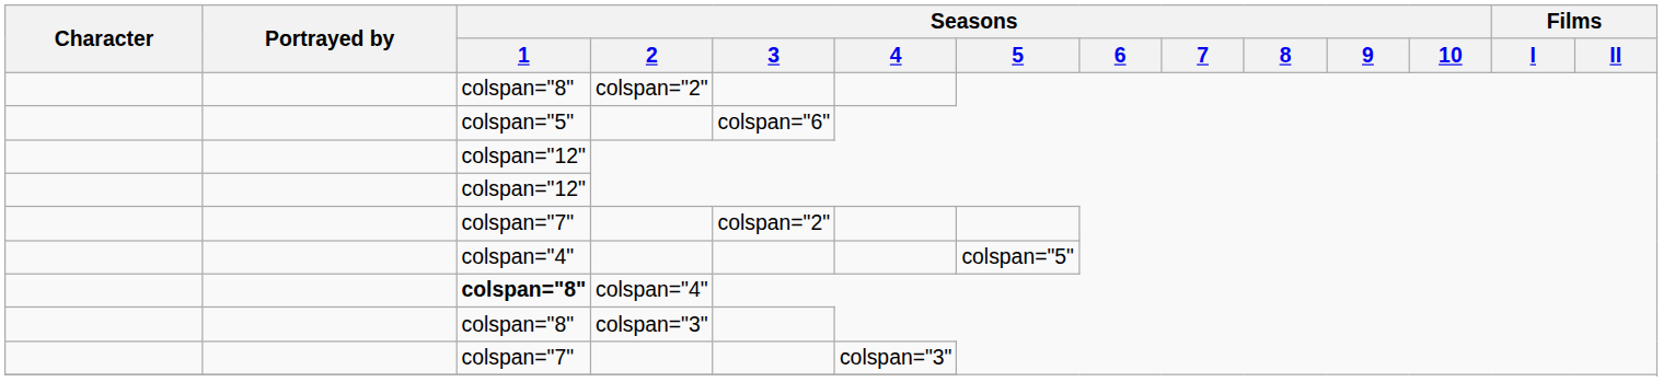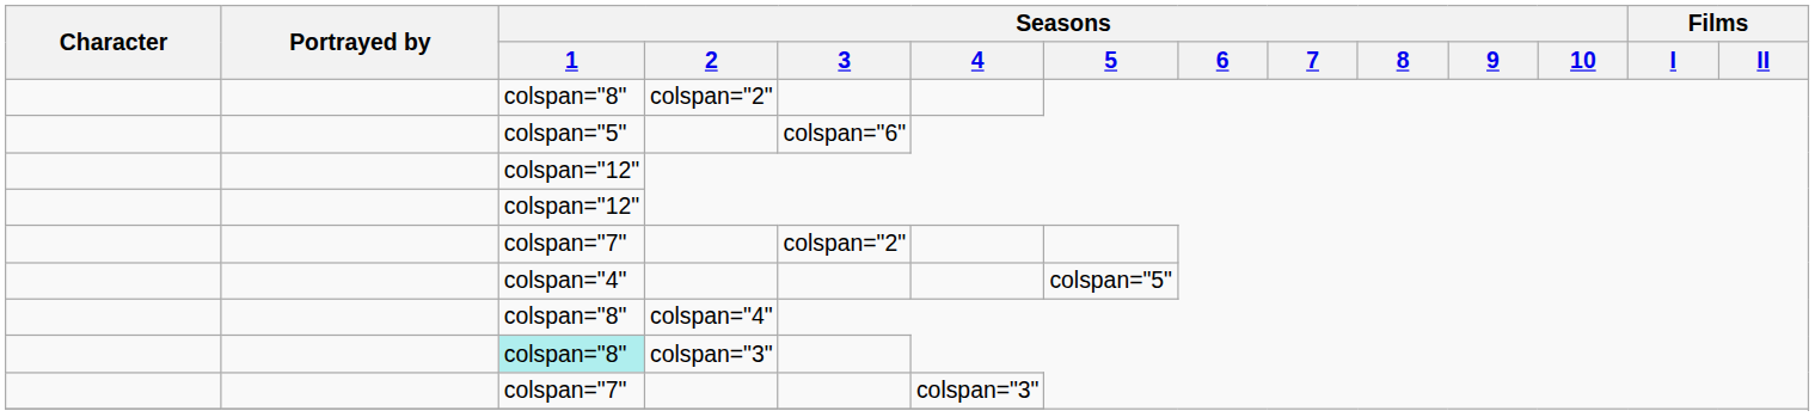 <table class="wikitable plainrowheaders">
 <tr>
 <th scope="col" rowspan="2">Character</th>
 <th scope="col" rowspan="2">Portrayed by</th>
 <th scope="col" colspan="10">Seasons</th>
 <th scope="col" colspan="2">Films</th>
 </tr>
 <tr>
 <th scope="col" style="width:5%;"><a href='#'>1</a></th>
 <th scope="col" style="width:5%;"><a href='#'>2</a></th>
 <th scope="col" style="width:5%;"><a href='#'>3</a></th>
 <th scope="col" style="width:5%;"><a href='#'>4</a></th>
 <th scope="col" style="width:5%;"><a href='#'>5</a></th>
 <th scope="col" style="width:5%;"><a href='#'>6</a></th>
 <th scope="col" style="width:5%;"><a href='#'>7</a></th>
 <th scope="col" style="width:5%;"><a href='#'>8</a></th>
 <th scope="col" style="width:5%;"><a href='#'>9</a></th>
 <th scope="col" style="width:5%;"><a href='#'>10</a></th>
 <th scope="col" style="width:5%;"><a href='#'>I</a></th>
 <th scope="col" style="width:5%;"><a href='#'>II</a></th>
 </tr>
 <tr>
 <td scope="row"></td>
 <td></td>
 <td>colspan="8" </td>
 <td>colspan="2" </td>
 <td></td>
 <td></td>
 </tr>
 <tr>
 <td scope="row"></td>
 <td></td>
 <td>colspan="5" </td>
 <td></td>
 <td>colspan="6" </td>
 </tr>
 <tr>
 <td scope="row"></td>
 <td></td>
 <td>colspan="12" </td>
 </tr>
 <tr>
 <td scope="row"></td>
 <td></td>
 <td>colspan="12" </td>
 </tr>
 <tr>
 <td scope="row"></td>
 <td></td>
 <td>colspan="7" </td>
 <td></td>
 <td>colspan="2" </td>
 <td></td>
 <td></td>
 </tr>
 <tr>
 <td scope="row"></td>
 <td></td>
 <td>colspan="4" </td>
 <td></td>
 <td></td>
 <td></td>
 <td>colspan="5" </td>
 </tr>
 <tr>
 <td scope="row"></td>
 <td></td>
-<td><strong>colspan="8" </strong></td>
+<td>colspan="8" </td>
 <td>colspan="4" </td>
 </tr>
 <tr>
 <td scope="row"></td>
 <td></td>
-<td>colspan="8" </td>
+<td style="background: paleturquoise;">colspan="8" </td>
 <td>colspan="3" </td>
 <td></td>
 </tr>
 <tr>
 <td scope="row"></td>
 <td></td>
 <td>colspan="7" </td>
 <td></td>
 <td></td>
 <td>colspan="3" </td>
 </tr>
 <tr>
 </tr>
 </table>
